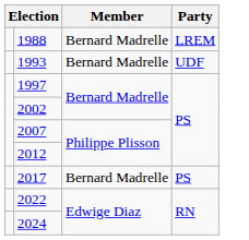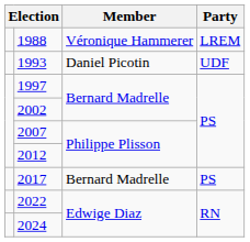 <table class="wikitable">
 <tr>
 <th colspan="2">Election</th>
 <th>Member</th>
 <th>Party</th>
 </tr>
 <tr>
 <td style="color:inherit;background-color: "></td>
 <td><a href='#'>1988</a></td>
-<td>Bernard Madrelle</td>
+<td><a href='#'>Véronique Hammerer</a></td>
 <td><a href='#'>LREM</a></td>
 </tr>
 <tr>
 <td style="color:inherit;background-color: "></td>
 <td><a href='#'>1993</a></td>
-<td>Bernard Madrelle</td>
+<td>Daniel Picotin</td>
 <td><a href='#'>UDF</a></td>
 </tr>
 <tr>
 <td rowspan=4 style="color:inherit;background-color: "></td>
 <td><a href='#'>1997</a></td>
 <td rowspan=2><a href='#'>Bernard Madrelle</a></td>
 <td rowspan=4><a href='#'>PS</a></td>
 </tr>
 <tr>
 <td><a href='#'>2002</a></td>
 </tr>
 <tr>
 <td><a href='#'>2007</a></td>
 <td rowspan=2><a href='#'>Philippe Plisson</a></td>
 </tr>
 <tr>
 <td><a href='#'>2012</a></td>
 </tr>
 <tr>
 <td style="color:inherit;background-color: "></td>
 <td><a href='#'>2017</a></td>
 <td>Bernard Madrelle</td>
 <td><a href='#'>PS</a></td>
 </tr>
 <tr>
 <td style="color:inherit;background-color: "></td>
 <td><a href='#'>2022</a></td>
 <td rowspan=2><a href='#'>Edwige Diaz</a></td>
 <td rowspan=2><a href='#'>RN</a></td>
 </tr>
 <tr>
 <td style="color:inherit;background-color: "></td>
 <td><a href='#'>2024</a></td>
 </tr>
 </table>
